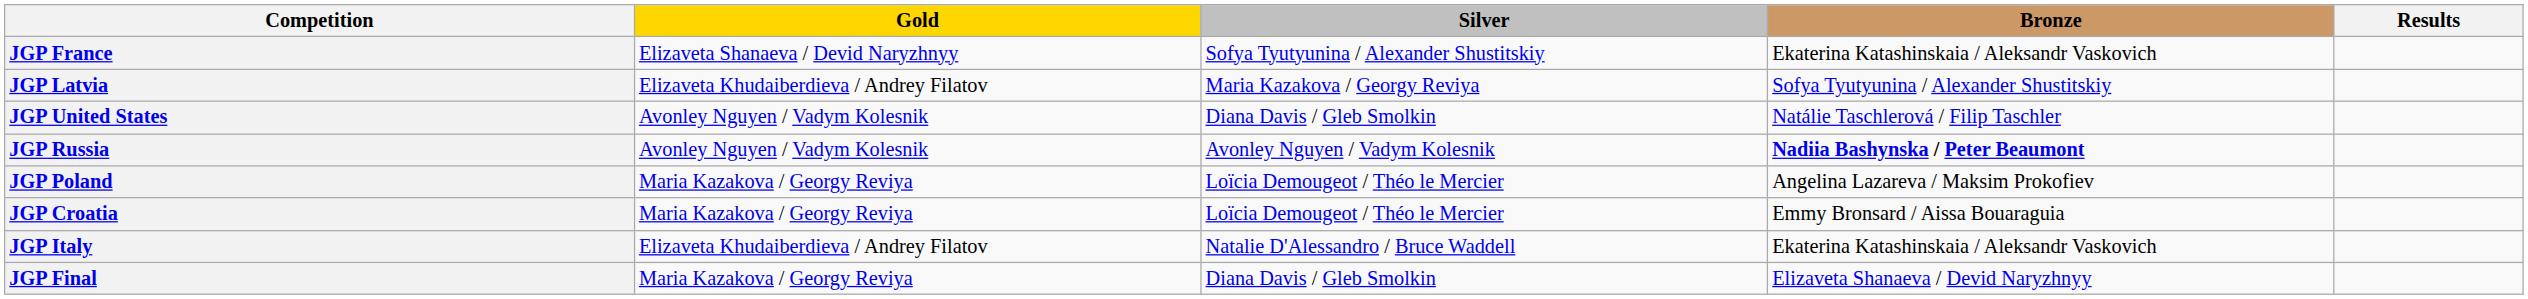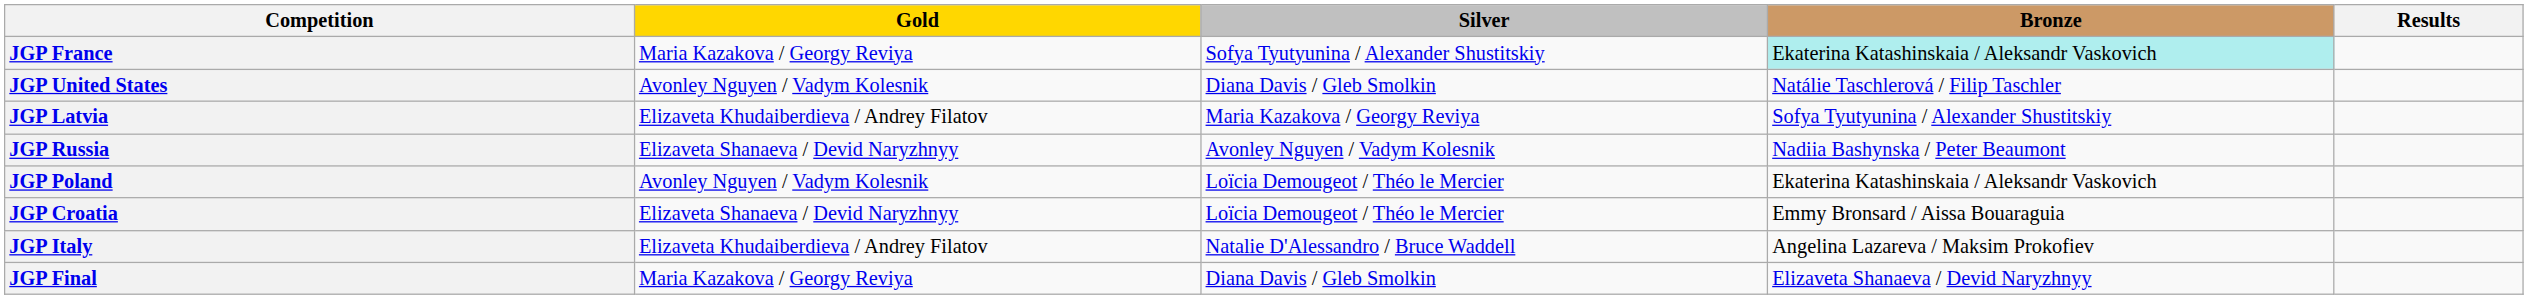 <table class="wikitable unsortable" style="text-align:left; width:100%">
 <tr>
 <th scope="col" style="text-align:center; width:25%;">Competition</th>
 <td scope="col" style="text-align:center; width:22.5%; background:gold"><strong>Gold</strong></td>
 <td scope="col" style="text-align:center; width:22.5%; background:silver"><strong>Silver</strong></td>
 <td scope="col" style="text-align:center; width:22.5%; background:#c96"><strong>Bronze</strong></td>
 <th scope="col" style="text-align:center; width:7.5%;">Results</th>
 </tr>
 <tr>
 <th scope="row" style="text-align:left"> <a href='#'>JGP France</a></th>
-<td> <a href='#'>Elizaveta Shanaeva</a> / <a href='#'>Devid Naryzhnyy</a></td>
+<td> <a href='#'>Maria Kazakova</a> / <a href='#'>Georgy Reviya</a></td>
 <td> <a href='#'>Sofya Tyutyunina</a> / <a href='#'>Alexander Shustitskiy</a></td>
-<td> Ekaterina Katashinskaia / Aleksandr Vaskovich</td>
+<td style="background: paleturquoise;"> Ekaterina Katashinskaia / Aleksandr Vaskovich</td>
+<td></td>
+</tr>
+<tr>
+<th scope="row" style="text-align:left"> <a href='#'>JGP United States</a></th>
+<td> <a href='#'>Avonley Nguyen</a> / <a href='#'>Vadym Kolesnik</a></td>
+<td> <a href='#'>Diana Davis</a> / <a href='#'>Gleb Smolkin</a></td>
+<td> <a href='#'>Natálie Taschlerová</a> / <a href='#'>Filip Taschler</a></td>
 <td></td>
 </tr>
 <tr>
 <th scope="row" style="text-align:left"> <a href='#'>JGP Latvia</a></th>
 <td> <a href='#'>Elizaveta Khudaiberdieva</a> / Andrey Filatov</td>
 <td> <a href='#'>Maria Kazakova</a> / <a href='#'>Georgy Reviya</a></td>
 <td> <a href='#'>Sofya Tyutyunina</a> / <a href='#'>Alexander Shustitskiy</a></td>
 <td></td>
 </tr>
 <tr>
-<th scope="row" style="text-align:left"> <a href='#'>JGP United States</a></th>
+<th scope="row" style="text-align:left"> <a href='#'>JGP Russia</a></th>
+<td> <a href='#'>Elizaveta Shanaeva</a> / <a href='#'>Devid Naryzhnyy</a></td>
 <td> <a href='#'>Avonley Nguyen</a> / <a href='#'>Vadym Kolesnik</a></td>
-<td> <a href='#'>Diana Davis</a> / <a href='#'>Gleb Smolkin</a></td>
-<td> <a href='#'>Natálie Taschlerová</a> / <a href='#'>Filip Taschler</a></td>
-<td></td>
-</tr>
-<tr>
-<th scope="row" style="text-align:left"> <a href='#'>JGP Russia</a></th>
-<td> <a href='#'>Avonley Nguyen</a> / <a href='#'>Vadym Kolesnik</a></td>
-<td> <a href='#'>Avonley Nguyen</a> / <a href='#'>Vadym Kolesnik</a></td>
-<td><strong> <a href='#'>Nadiia Bashynska</a> / <a href='#'>Peter Beaumont</a></strong></td>
+<td> <a href='#'>Nadiia Bashynska</a> / <a href='#'>Peter Beaumont</a></td>
 <td></td>
 </tr>
 <tr>
 <th scope="row" style="text-align:left"> <a href='#'>JGP Poland</a></th>
-<td> <a href='#'>Maria Kazakova</a> / <a href='#'>Georgy Reviya</a></td>
+<td> <a href='#'>Avonley Nguyen</a> / <a href='#'>Vadym Kolesnik</a></td>
 <td> <a href='#'>Loïcia Demougeot</a> / <a href='#'>Théo le Mercier</a></td>
-<td> Angelina Lazareva / Maksim Prokofiev</td>
+<td> Ekaterina Katashinskaia / Aleksandr Vaskovich</td>
 <td></td>
 </tr>
 <tr>
 <th scope="row" style="text-align:left"> <a href='#'>JGP Croatia</a></th>
-<td> <a href='#'>Maria Kazakova</a> / <a href='#'>Georgy Reviya</a></td>
+<td> <a href='#'>Elizaveta Shanaeva</a> / <a href='#'>Devid Naryzhnyy</a></td>
 <td> <a href='#'>Loïcia Demougeot</a> / <a href='#'>Théo le Mercier</a></td>
 <td> Emmy Bronsard / Aissa Bouaraguia</td>
 <td></td>
 </tr>
 <tr>
 <th scope="row" style="text-align:left"> <a href='#'>JGP Italy</a></th>
 <td> <a href='#'>Elizaveta Khudaiberdieva</a> / Andrey Filatov</td>
 <td> <a href='#'>Natalie D'Alessandro</a> / <a href='#'>Bruce Waddell</a></td>
-<td> Ekaterina Katashinskaia / Aleksandr Vaskovich</td>
+<td> Angelina Lazareva / Maksim Prokofiev</td>
 <td></td>
 </tr>
 <tr>
 <th scope="row" style="text-align:left"> <a href='#'>JGP Final</a></th>
 <td> <a href='#'>Maria Kazakova</a> / <a href='#'>Georgy Reviya</a></td>
 <td> <a href='#'>Diana Davis</a> / <a href='#'>Gleb Smolkin</a></td>
 <td> <a href='#'>Elizaveta Shanaeva</a> / <a href='#'>Devid Naryzhnyy</a></td>
 <td></td>
 </tr>
 </table>
